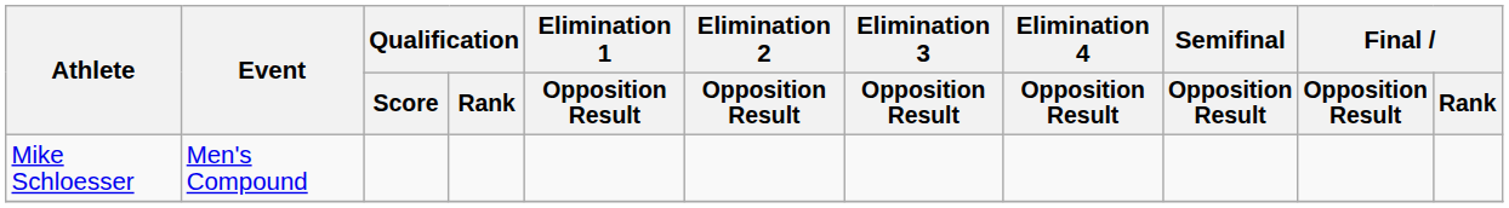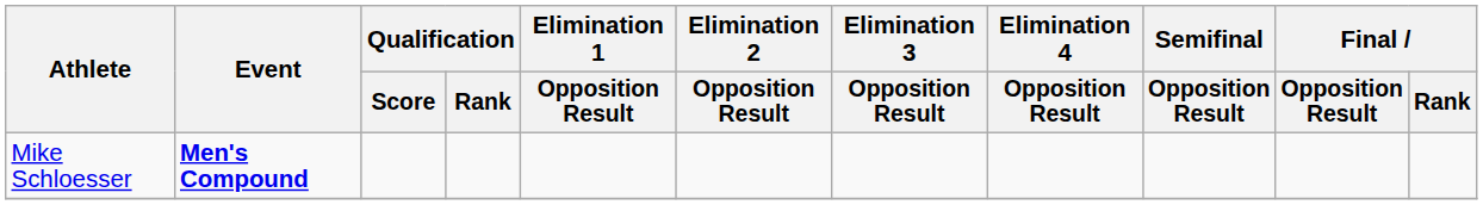 <table class=wikitable style=font-size:90%;text-align:center>
 <tr>
 <th rowspan=2>Athlete</th>
 <th rowspan=2>Event</th>
 <th colspan=2>Qualification</th>
 <th>Elimination 1</th>
 <th>Elimination 2</th>
 <th>Elimination 3</th>
 <th>Elimination 4</th>
 <th>Semifinal</th>
 <th colspan=2>Final / </th>
 </tr>
 <tr style=font-size:95%>
 <th>Score</th>
 <th>Rank</th>
 <th>Opposition<br>Result</th>
 <th>Opposition<br>Result</th>
 <th>Opposition<br>Result</th>
 <th>Opposition<br>Result</th>
 <th>Opposition<br>Result</th>
 <th>Opposition<br>Result</th>
 <th>Rank</th>
 </tr>
 <tr>
 <td align=left><a href='#'>Mike Schloesser</a></td>
-<td align=left><a href='#'>Men's Compound</a></td>
+<td align=left><strong><a href='#'>Men's Compound</a></strong></td>
 <td></td>
 <td></td>
 <td></td>
 <td></td>
 <td></td>
 <td></td>
 <td></td>
 <td></td>
 <td></td>
 </tr>
 <tr>
 </tr>
 </table>
